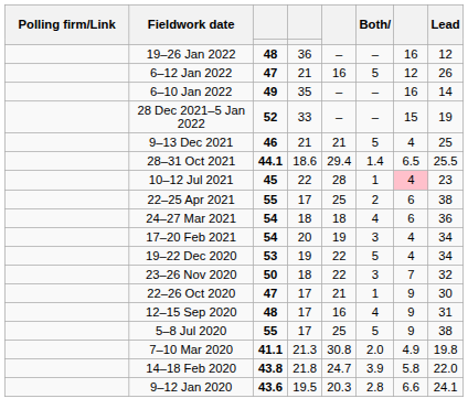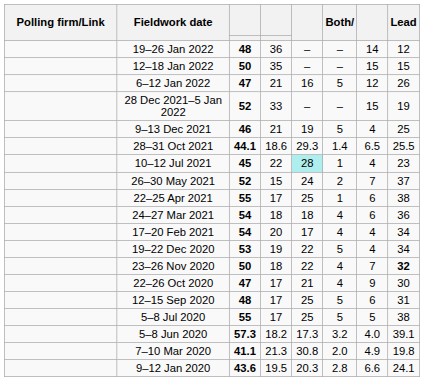 <table class="wikitable sortable mw-datatable" style="text-align:center;font-size:95%;line-height:16px;">
 <tr style="height:42px;">
 <th style="width:145px;" rowspan="2">Polling firm/Link</th>
 <th style="width:145px;" rowspan="2">Fieldwork date</th>
 <th style="width:35px;"></th>
 <th style="width:35px;"></th>
 <th class="unsortable" style="width:35px;" rowspan="2"></th>
 <th class="unsortable" style="width:35px;" rowspan="2">Both/<br></th>
 <th class="unsortable" style="width:35px;" rowspan="2"></th>
 <th class="unsortable" style="width:30px;" rowspan="2">Lead</th>
 </tr>
 <tr>
 <th style="color:inherit;background:"></th>
 <th style="color:inherit;background:"></th>
 </tr>
 <tr>
 <td></td>
 <td data-sort-value="2019-10-03">19–26 Jan 2022</td>
 <td><strong>48</strong></td>
 <td>36</td>
 <td>–</td>
 <td>–</td>
-<td>16</td>
+<td>14</td>
 <td style="background:">12</td>
+</tr>
+<tr>
+<td></td>
+<td>12–18 Jan 2022</td>
+<td><strong>50</strong></td>
+<td>35</td>
+<td>–</td>
+<td>–</td>
+<td>15</td>
+<td style="background:">15</td>
 </tr>
 <tr>
 <td></td>
 <td>6–12 Jan 2022</td>
 <td><strong>47</strong></td>
 <td>21</td>
 <td>16</td>
 <td>5</td>
 <td>12</td>
 <td style="background:">26</td>
-</tr>
-<tr>
-<td></td>
-<td data-sort-value="2019-10-03">6–10 Jan 2022</td>
-<td><strong>49</strong></td>
-<td>35</td>
-<td>–</td>
-<td>–</td>
-<td>16</td>
-<td style="background:">14</td>
 </tr>
 <tr>
 <td></td>
 <td data-sort-value="2019-10-03">28 Dec 2021–5 Jan 2022</td>
 <td><strong>52</strong></td>
 <td>33</td>
 <td>–</td>
 <td>–</td>
 <td>15</td>
 <td style="background:">19</td>
 </tr>
 <tr>
 <td></td>
 <td>9–13 Dec 2021</td>
 <td><strong>46</strong></td>
 <td>21</td>
-<td>21</td>
+<td>19</td>
 <td>5</td>
 <td>4</td>
 <td style="background:">25</td>
 </tr>
 <tr>
 <td></td>
 <td>28–31 Oct 2021</td>
 <td><strong>44.1</strong></td>
 <td>18.6</td>
-<td>29.4</td>
+<td>29.3</td>
 <td>1.4</td>
 <td>6.5</td>
 <td style="background:">25.5</td>
 </tr>
 <tr>
 <td></td>
 <td>10–12 Jul 2021</td>
 <td><strong>45</strong></td>
 <td>22</td>
-<td>28</td>
+<td style="background: paleturquoise;">28</td>
 <td>1</td>
-<td style="background: pink;">4</td>
+<td>4</td>
 <td style="background:">23</td>
+</tr>
+<tr>
+<td></td>
+<td>26–30 May 2021</td>
+<td><strong>52</strong></td>
+<td>15</td>
+<td>24</td>
+<td>2</td>
+<td>7</td>
+<td style="background:">37</td>
 </tr>
 <tr>
 <td></td>
 <td data-sort-value="2019-10-03">22–25 Apr 2021</td>
 <td><strong>55</strong></td>
 <td>17</td>
 <td>25</td>
-<td>2</td>
+<td>1</td>
 <td>6</td>
 <td style="background:">38</td>
 </tr>
 <tr>
 <td></td>
 <td>24–27 Mar 2021</td>
 <td><strong>54</strong></td>
 <td>18</td>
 <td>18</td>
 <td>4</td>
 <td>6</td>
 <td style="background:">36</td>
 </tr>
 <tr>
 <td></td>
 <td>17–20 Feb 2021</td>
 <td><strong>54</strong></td>
 <td>20</td>
-<td>19</td>
-<td>3</td>
+<td>17</td>
+<td>4</td>
 <td>4</td>
 <td style="background:">34</td>
 </tr>
 <tr>
 <td></td>
 <td>19–22 Dec 2020</td>
 <td><strong>53</strong></td>
 <td>19</td>
 <td>22</td>
 <td>5</td>
 <td>4</td>
 <td style="background:">34</td>
 </tr>
 <tr>
 <td></td>
 <td>23–26 Nov 2020</td>
 <td><strong>50</strong></td>
 <td>18</td>
 <td>22</td>
-<td>3</td>
+<td>4</td>
 <td>7</td>
-<td style="background:">32</td>
+<td style="background:"><strong>32</strong></td>
 </tr>
 <tr>
 <td></td>
 <td>22–26 Oct 2020</td>
 <td><strong>47</strong></td>
 <td>17</td>
 <td>21</td>
-<td>1</td>
+<td>4</td>
 <td>9</td>
 <td style="background:">30</td>
 </tr>
 <tr>
 <td></td>
 <td>12–15 Sep 2020</td>
 <td><strong>48</strong></td>
 <td>17</td>
-<td>16</td>
-<td>4</td>
-<td>9</td>
+<td>25</td>
+<td>5</td>
+<td>6</td>
 <td style="background:">31</td>
 </tr>
 <tr>
 <td></td>
 <td>5–8 Jul 2020</td>
 <td><strong>55</strong></td>
 <td>17</td>
 <td>25</td>
 <td>5</td>
-<td>9</td>
+<td>5</td>
 <td style="background:">38</td>
+</tr>
+<tr>
+<td></td>
+<td>5–8 Jun 2020</td>
+<td><strong>57.3</strong></td>
+<td>18.2</td>
+<td>17.3</td>
+<td>3.2</td>
+<td>4.0</td>
+<td style="background:">39.1</td>
 </tr>
 <tr>
 <td></td>
 <td>7–10 Mar 2020</td>
 <td><strong>41.1</strong></td>
 <td>21.3</td>
 <td>30.8</td>
 <td>2.0</td>
 <td>4.9</td>
 <td style="background:">19.8</td>
 </tr>
 <tr>
 <td></td>
-<td>14–18 Feb 2020</td>
-<td><strong>43.8</strong></td>
-<td>21.8</td>
-<td>24.7</td>
-<td>3.9</td>
-<td>5.8</td>
-<td style="background:">22.0</td>
-</tr>
-<tr>
-<td></td>
 <td>9–12 Jan 2020</td>
 <td><strong>43.6</strong></td>
 <td>19.5</td>
 <td>20.3</td>
 <td>2.8</td>
 <td>6.6</td>
 <td style="background:">24.1</td>
 </tr>
 </table>
